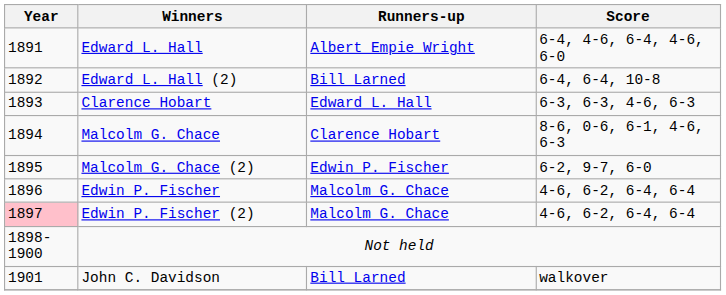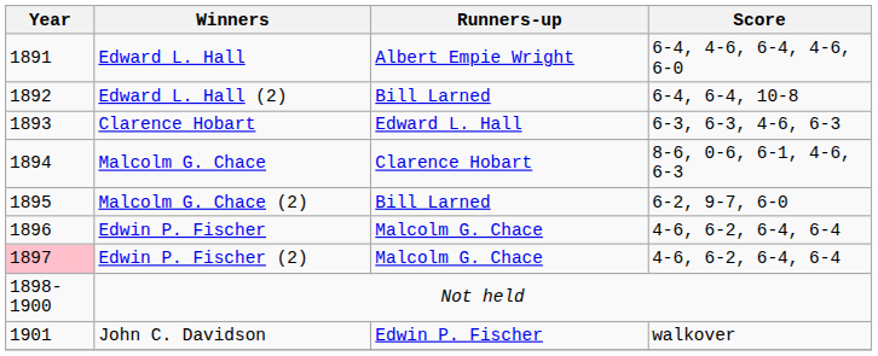 <table class="wikitable sortable">
 <tr>
 <th style="width:60px;">Year</th>
 <th style="width:200px;">Winners</th>
 <th style="width:200px;">Runners-up</th>
 <th style="width:160px;">Score</th>
 </tr>
 <tr>
 <td>1891</td>
 <td> <a href='#'>Edward L. Hall</a></td>
 <td> <a href='#'>Albert Empie Wright</a></td>
 <td>6-4, 4-6, 6-4,  4-6, 6-0</td>
 </tr>
 <tr>
 <td>1892</td>
 <td>  <a href='#'>Edward L. Hall</a> (2)</td>
 <td> <a href='#'>Bill Larned</a></td>
 <td>6-4,  6-4, 10-8</td>
 </tr>
 <tr>
 <td>1893</td>
 <td> <a href='#'>Clarence Hobart</a></td>
 <td> <a href='#'>Edward L. Hall</a></td>
 <td>6-3,  6-3, 4-6, 6-3</td>
 </tr>
 <tr>
 <td>1894</td>
 <td> <a href='#'>Malcolm G. Chace</a></td>
 <td> <a href='#'>Clarence Hobart</a></td>
 <td>8-6, 0-6, 6-1, 4-6, 6-3</td>
 </tr>
 <tr>
 <td>1895</td>
 <td> <a href='#'>Malcolm G. Chace</a> (2)</td>
-<td> <a href='#'>Edwin P. Fischer</a></td>
+<td> <a href='#'>Bill Larned</a></td>
 <td>6-2, 9-7, 6-0</td>
 </tr>
 <tr>
 <td>1896</td>
 <td> <a href='#'>Edwin P. Fischer</a></td>
 <td> <a href='#'>Malcolm G. Chace</a></td>
 <td>4-6, 6-2, 6-4, 6-4</td>
 </tr>
 <tr>
 <td style="background: pink;">1897</td>
 <td> <a href='#'>Edwin P. Fischer</a> (2)</td>
 <td> <a href='#'>Malcolm G. Chace</a></td>
 <td>4-6, 6-2, 6-4, 6-4</td>
 </tr>
 <tr>
 <td>1898-1900</td>
 <td colspan=4 align=center><em>Not held</em></td>
 </tr>
 <tr>
 <td>1901</td>
 <td> John C. Davidson</td>
-<td> <a href='#'>Bill Larned</a></td>
+<td> <a href='#'>Edwin P. Fischer</a></td>
 <td>walkover</td>
 </tr>
 <tr>
 </tr>
 </table>
